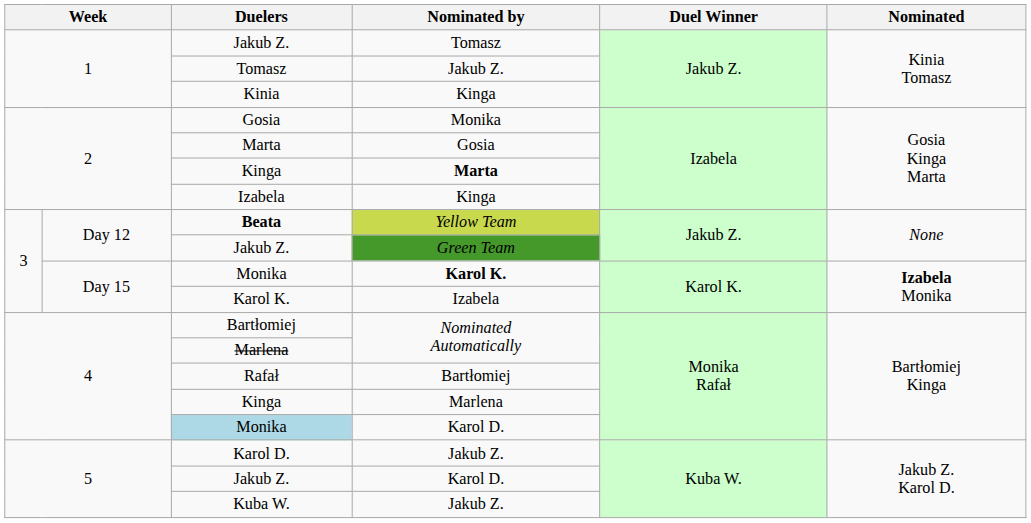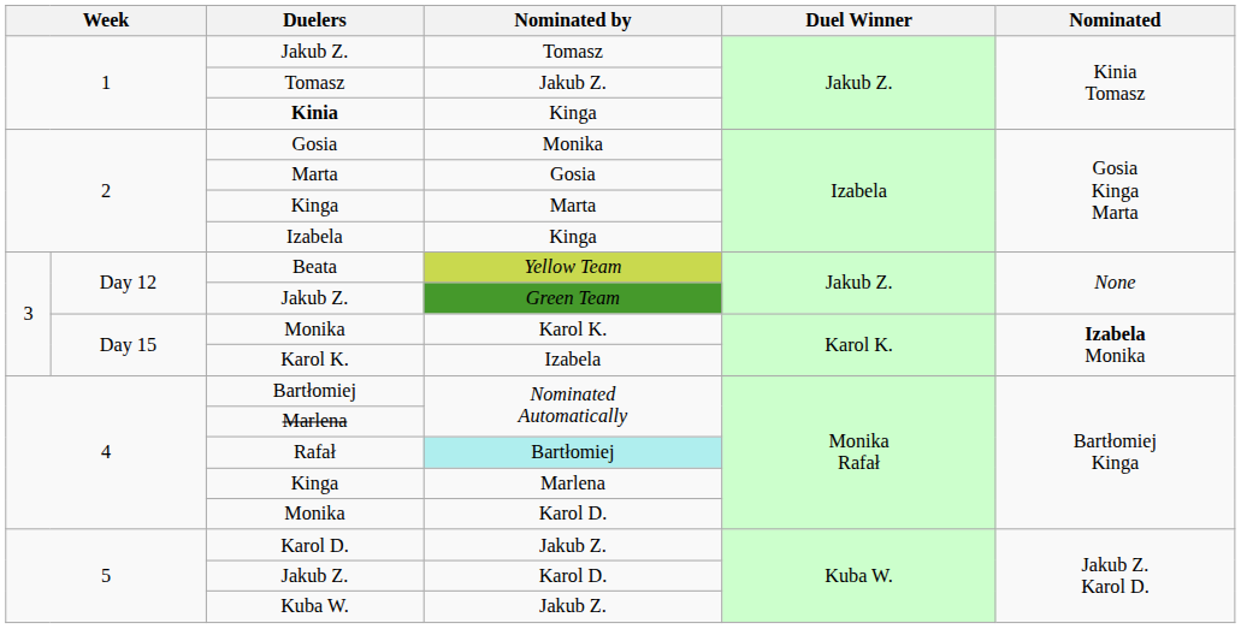 <table class="wikitable" style="font-size:100%; text-align:center; width: 80%; margin-left: auto; margin-right: auto;">
 <tr>
 <th colspan="2">Week</th>
 <th>Duelers</th>
 <th>Nominated by</th>
 <th>Duel Winner</th>
 <th>Nominated</th>
 </tr>
 <tr>
 <td colspan="2" rowspan="3">1</td>
 <td>Jakub Z.</td>
 <td>Tomasz</td>
 <td rowspan="3" style="background:#cfc">Jakub Z.</td>
 <td rowspan="3">Kinia<br>Tomasz</td>
 </tr>
 <tr>
 <td>Tomasz</td>
 <td>Jakub Z.</td>
 </tr>
 <tr>
-<td>Kinia</td>
+<td><strong>Kinia</strong></td>
 <td>Kinga</td>
 </tr>
 <tr>
 <td colspan="2" rowspan="4">2</td>
 <td>Gosia</td>
 <td>Monika</td>
 <td rowspan="4" style="background:#cfc">Izabela</td>
 <td rowspan="4">Gosia<br>Kinga<br>Marta</td>
 </tr>
 <tr>
 <td>Marta</td>
 <td>Gosia</td>
 </tr>
 <tr>
 <td>Kinga</td>
-<td><strong>Marta</strong></td>
+<td>Marta</td>
 </tr>
 <tr>
 <td>Izabela</td>
 <td>Kinga</td>
 </tr>
 <tr>
 <td rowspan="4">3</td>
 <td rowspan="2">Day 12</td>
-<td rowspan="1"><strong>Beata</strong></td>
+<td rowspan="1">Beata</td>
 <td rowspan="1" style="background:#c9d94e"><em>Yellow Team</em></td>
 <td rowspan="2" style="background:#cfc">Jakub Z.</td>
 <td rowspan="2"><em>None</em></td>
 </tr>
 <tr>
 <td>Jakub Z.</td>
 <td style="background:#45992b"><em>Green Team</em></td>
 </tr>
 <tr>
 <td rowspan="2">Day 15</td>
 <td>Monika</td>
-<td><strong>Karol K.</strong></td>
+<td>Karol K.</td>
 <td rowspan="2" style="background:#cfc">Karol K.</td>
 <td rowspan="2"><strong>Izabela</strong><br>Monika</td>
 </tr>
 <tr>
 <td>Karol K.</td>
 <td>Izabela</td>
 </tr>
 <tr>
 <td colspan="2" rowspan="5">4</td>
 <td rowspan="1">Bartłomiej</td>
 <td rowspan="2"><em>Nominated<br>Automatically</em></td>
 <td rowspan="5" style="background:#cfc">Monika<br>Rafał</td>
 <td rowspan="5">Bartłomiej<br>Kinga</td>
 </tr>
 <tr>
 <td><s>Marlena</s></td>
 </tr>
 <tr>
 <td>Rafał</td>
-<td>Bartłomiej</td>
+<td style="background: paleturquoise;">Bartłomiej</td>
 </tr>
 <tr>
 <td rowspan="1">Kinga</td>
 <td rowspan="1">Marlena</td>
 </tr>
 <tr>
-<td style="background: lightblue;">Monika</td>
+<td>Monika</td>
 <td>Karol D.</td>
 </tr>
 <tr>
 <td colspan="2" rowspan="3">5</td>
 <td>Karol D.</td>
 <td>Jakub Z.</td>
 <td rowspan="3" style="background:#cfc">Kuba W.</td>
 <td rowspan="3">Jakub Z.<br>Karol D.</td>
 </tr>
 <tr>
 <td>Jakub Z.</td>
 <td>Karol D.</td>
 </tr>
 <tr>
 <td>Kuba W.</td>
 <td>Jakub Z.</td>
 </tr>
 </table>
